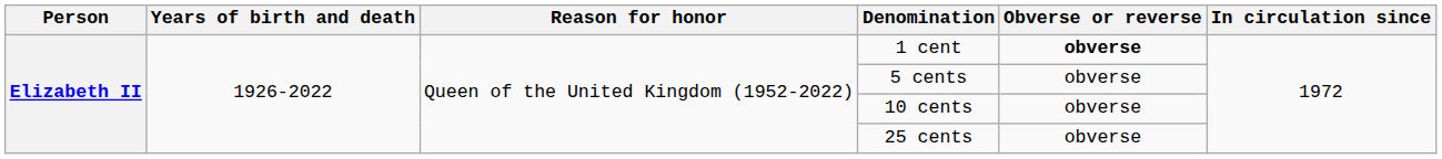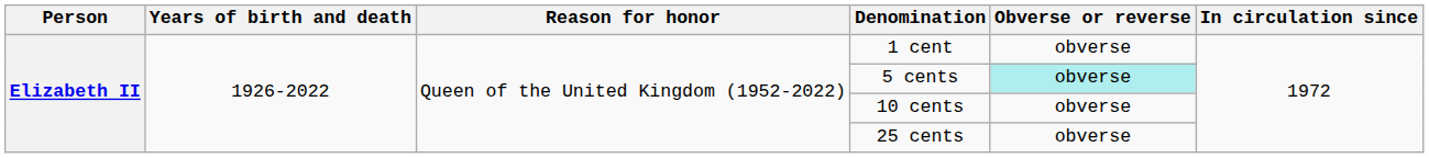 <table class="wikitable" style="font-size:95%; text-align:center;">
 <tr>
 <th>Person</th>
 <th>Years of birth and death</th>
 <th>Reason for honor</th>
 <th>Denomination</th>
 <th>Obverse or reverse</th>
 <th>In circulation since</th>
 </tr>
 <tr>
 <th rowspan="4"><a href='#'>Elizabeth II</a></th>
 <td rowspan="4">1926-2022</td>
 <td rowspan="4">Queen of the United Kingdom (1952-2022)</td>
 <td>1 cent</td>
-<td><strong>obverse</strong></td>
+<td>obverse</td>
 <td rowspan="4">1972</td>
 </tr>
 <tr>
 <td>5 cents</td>
-<td>obverse</td>
+<td style="background: paleturquoise;">obverse</td>
 </tr>
 <tr>
 <td>10 cents</td>
 <td>obverse</td>
 </tr>
 <tr>
 <td>25 cents</td>
 <td>obverse</td>
 </tr>
 </table>
